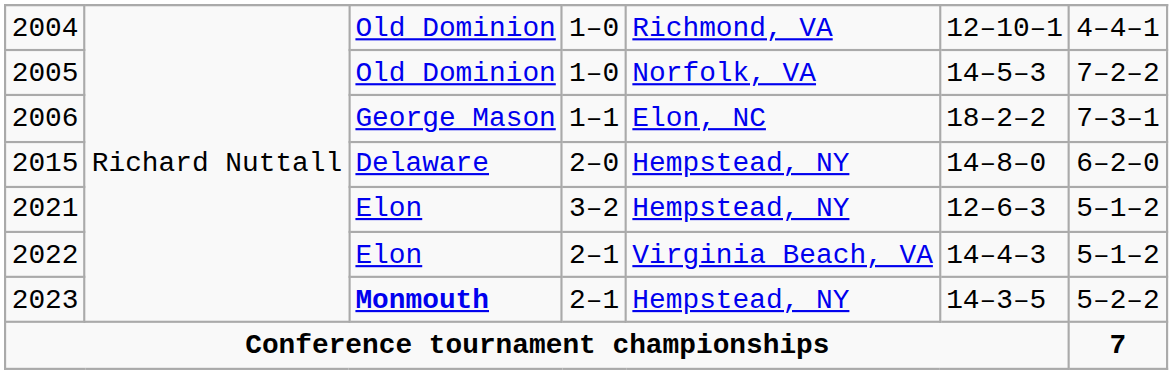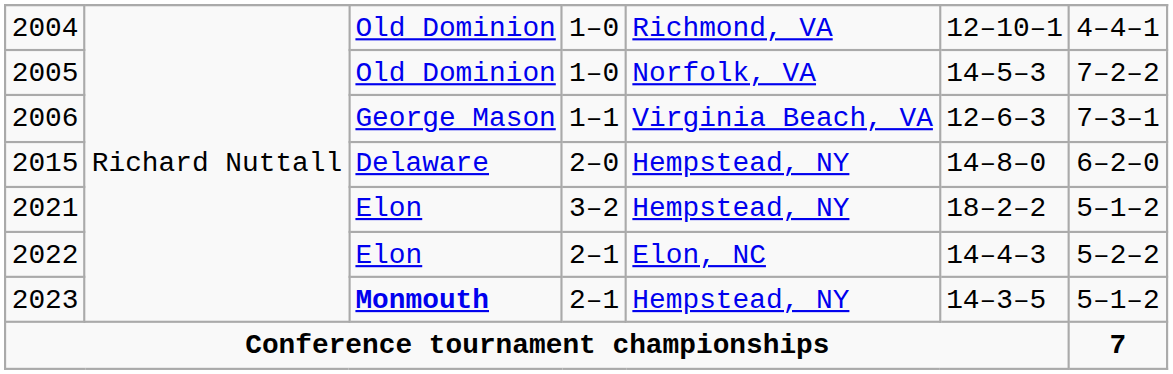 <table class="wikitable" style="font-size:100%;" style="text-align: center;">
 <tr>
 </tr>
 <tr>
 <td>2004</td>
 <td rowspan="7">Richard Nuttall</td>
 <td><a href='#'>Old Dominion</a></td>
 <td>1–0</td>
 <td><a href='#'>Richmond, VA</a></td>
 <td>12–10–1</td>
 <td>4–4–1</td>
 </tr>
 <tr>
 <td>2005</td>
 <td><a href='#'>Old Dominion</a></td>
 <td>1–0</td>
 <td><a href='#'>Norfolk, VA</a></td>
 <td>14–5–3</td>
 <td>7–2–2</td>
 </tr>
 <tr>
 <td>2006</td>
 <td><a href='#'>George Mason</a></td>
 <td>1–1</td>
-<td><a href='#'>Elon, NC</a></td>
-<td>18–2–2</td>
+<td><a href='#'>Virginia Beach, VA</a></td>
+<td>12–6–3</td>
 <td>7–3–1</td>
 </tr>
 <tr>
 <td>2015</td>
 <td><a href='#'>Delaware</a></td>
 <td>2–0</td>
 <td><a href='#'>Hempstead, NY</a></td>
 <td>14–8–0</td>
 <td>6–2–0</td>
 </tr>
 <tr>
 <td>2021</td>
 <td><a href='#'>Elon</a></td>
 <td>3–2</td>
 <td><a href='#'>Hempstead, NY</a></td>
-<td>12–6–3</td>
+<td>18–2–2</td>
 <td>5–1–2</td>
 </tr>
 <tr>
 <td>2022</td>
 <td><a href='#'>Elon</a></td>
 <td>2–1</td>
-<td><a href='#'>Virginia Beach, VA</a></td>
+<td><a href='#'>Elon, NC</a></td>
 <td>14–4–3</td>
-<td>5–1–2</td>
+<td>5–2–2</td>
 </tr>
 <tr>
 <td>2023</td>
 <td><strong><a href='#'>Monmouth</a></strong></td>
 <td>2–1</td>
 <td><a href='#'>Hempstead, NY</a></td>
 <td>14–3–5</td>
-<td>5–2–2</td>
+<td>5–1–2</td>
 </tr>
 <tr style="text-align:center; ">
 <td colspan="6"><strong>Conference tournament championships</strong></td>
 <td colspan="1"><strong>7</strong></td>
 </tr>
 </table>
